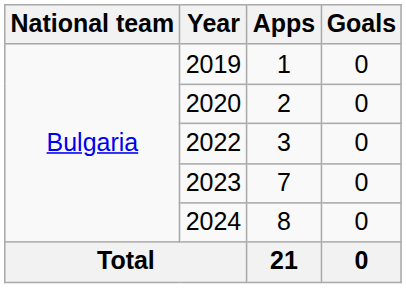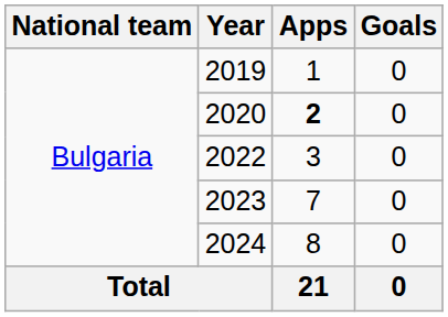 <table class="wikitable" style="text-align:center">
 <tr>
 <th>National team</th>
 <th>Year</th>
 <th>Apps</th>
 <th>Goals</th>
 </tr>
 <tr>
 <td rowspan="5"><a href='#'>Bulgaria</a></td>
 <td>2019</td>
 <td>1</td>
 <td>0</td>
 </tr>
 <tr>
 <td>2020</td>
-<td>2</td>
+<td><strong>2</strong></td>
 <td>0</td>
 </tr>
 <tr>
 <td>2022</td>
 <td>3</td>
 <td>0</td>
 </tr>
 <tr>
 <td>2023</td>
 <td>7</td>
 <td>0</td>
 </tr>
 <tr>
 <td>2024</td>
 <td>8</td>
 <td>0</td>
 </tr>
 <tr>
 <th colspan="2">Total</th>
 <th>21</th>
 <th>0</th>
 </tr>
 </table>
